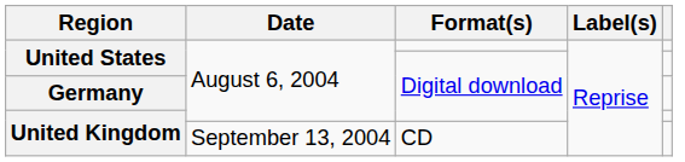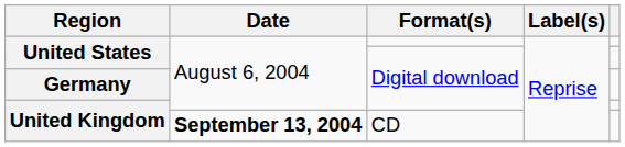 <table class="wikitable plainrowheaders">
 <tr>
 <th scope="col">Region</th>
 <th scope="col">Date</th>
 <th scope="col">Format(s)</th>
 <th scope="col">Label(s)</th>
 <th scope="col"></th>
 </tr>
 <tr>
 <th scope="row" rowspan="2">United States</th>
 <td rowspan="4">August 6, 2004</td>
 <td></td>
 <td rowspan="5"><a href='#'>Reprise</a></td>
 <td align="center"></td>
 </tr>
 <tr>
 <td rowspan="3"><a href='#'>Digital download</a></td>
 <td align="center"></td>
 </tr>
 <tr>
 <th scope="row">Germany</th>
 <td align="center"></td>
 </tr>
 <tr>
 <th scope="row" rowspan="2">United Kingdom</th>
 <td align="center"></td>
 </tr>
 <tr>
-<td>September 13, 2004</td>
+<td><strong>September 13, 2004</strong></td>
 <td>CD</td>
 <td align="center"></td>
 </tr>
 </table>
